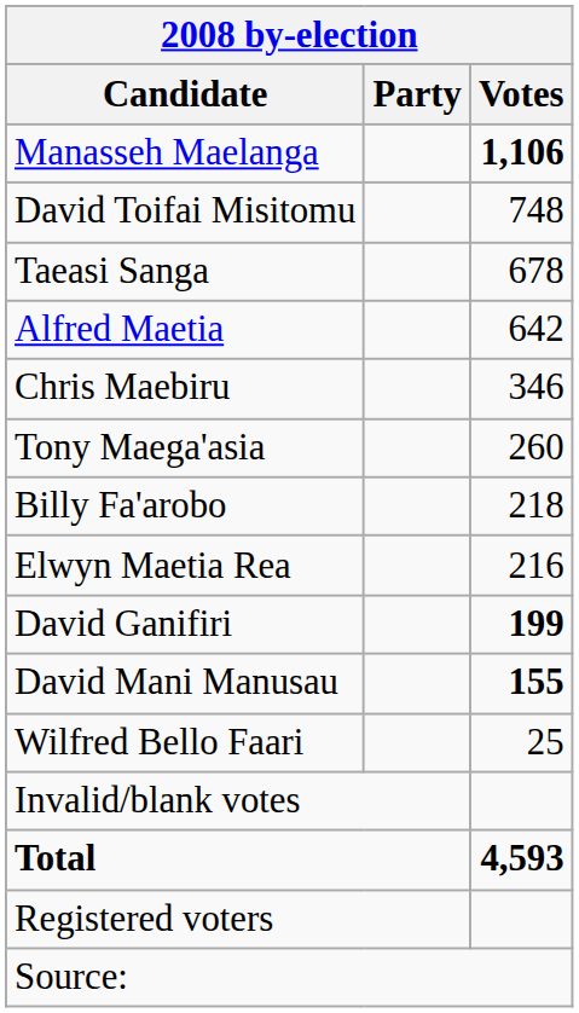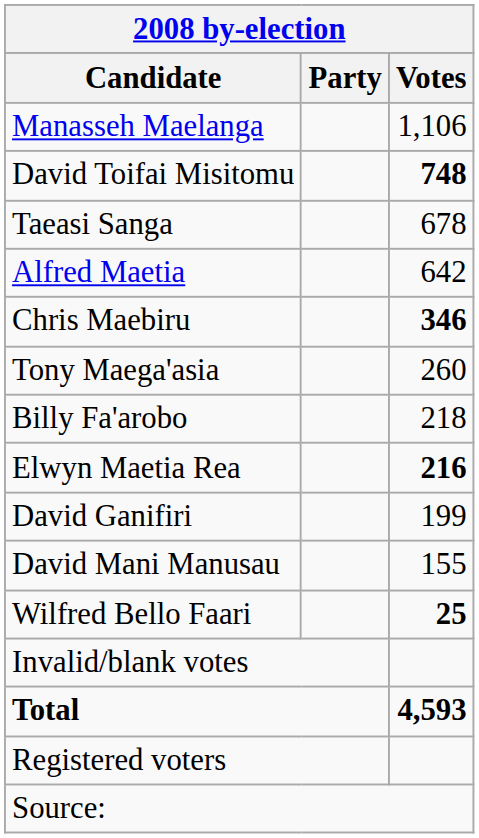 <table class=wikitable style=text-align:left>
 <tr>
 <th colspan=3><a href='#'>2008 by-election</a></th>
 </tr>
 <tr>
 <th>Candidate</th>
 <th>Party</th>
 <th>Votes</th>
 </tr>
 <tr>
 <td><a href='#'>Manasseh Maelanga</a></td>
 <td></td>
-<td align=right><strong>1,106</strong></td>
+<td align=right>1,106</td>
 </tr>
 <tr>
 <td>David Toifai Misitomu</td>
 <td></td>
-<td align=right>748</td>
+<td align=right><strong>748</strong></td>
 </tr>
 <tr>
 <td>Taeasi Sanga</td>
 <td></td>
 <td align=right>678</td>
 </tr>
 <tr>
 <td><a href='#'>Alfred Maetia</a></td>
 <td></td>
 <td align=right>642</td>
 </tr>
 <tr>
 <td>Chris Maebiru</td>
 <td></td>
-<td align=right>346</td>
+<td align=right><strong>346</strong></td>
 </tr>
 <tr>
 <td>Tony Maega'asia</td>
 <td></td>
 <td align=right>260</td>
 </tr>
 <tr>
 <td>Billy Fa'arobo</td>
 <td></td>
 <td align=right>218</td>
 </tr>
 <tr>
 <td>Elwyn Maetia Rea</td>
 <td></td>
-<td align=right>216</td>
+<td align=right><strong>216</strong></td>
 </tr>
 <tr>
 <td>David Ganifiri</td>
 <td></td>
-<td align=right><strong>199</strong></td>
+<td align=right>199</td>
 </tr>
 <tr>
 <td>David Mani Manusau</td>
 <td></td>
-<td align=right><strong>155</strong></td>
+<td align=right>155</td>
 </tr>
 <tr>
 <td>Wilfred Bello Faari</td>
 <td></td>
-<td align=right>25</td>
+<td align=right><strong>25</strong></td>
 </tr>
 <tr>
 <td colspan=2>Invalid/blank votes</td>
 <td align=right></td>
 </tr>
 <tr>
 <td colspan=2><strong>Total</strong></td>
 <td align=right><strong>4,593</strong></td>
 </tr>
 <tr>
 <td colspan=2>Registered voters</td>
 <td align=right></td>
 </tr>
 <tr>
 <td colspan=3>Source: </td>
 </tr>
 </table>
